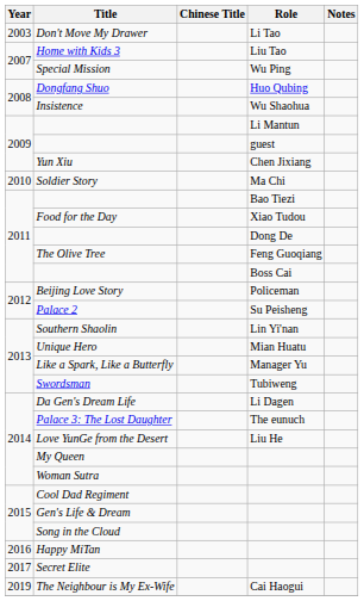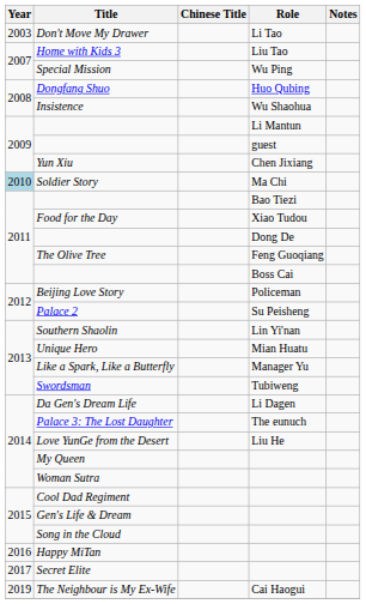 <table class="wikitable">
 <tr>
 <th>Year</th>
 <th>Title</th>
 <th>Chinese Title</th>
 <th>Role</th>
 <th>Notes</th>
 </tr>
 <tr>
 <td>2003</td>
 <td><em>Don't Move My Drawer</em></td>
 <td></td>
 <td>Li Tao</td>
 <td></td>
 </tr>
 <tr>
 <td rowspan="2">2007</td>
 <td><em><a href='#'>Home with Kids 3</a></em></td>
 <td></td>
 <td>Liu Tao</td>
 <td></td>
 </tr>
 <tr>
 <td><em>Special Mission</em></td>
 <td></td>
 <td>Wu Ping</td>
 <td></td>
 </tr>
 <tr>
 <td rowspan="2">2008</td>
 <td><em><a href='#'>Dongfang Shuo</a></em></td>
 <td></td>
 <td><a href='#'>Huo Qubing</a></td>
 <td></td>
 </tr>
 <tr>
 <td><em>Insistence</em></td>
 <td></td>
 <td>Wu Shaohua</td>
 <td></td>
 </tr>
 <tr>
 <td rowspan="3">2009</td>
 <td></td>
 <td></td>
 <td>Li Mantun</td>
 <td></td>
 </tr>
 <tr>
 <td></td>
 <td></td>
 <td>guest</td>
 <td></td>
 </tr>
 <tr>
 <td><em>Yun Xiu</em></td>
 <td></td>
 <td>Chen Jixiang</td>
 <td></td>
 </tr>
 <tr>
-<td>2010</td>
+<td style="background: lightblue;">2010</td>
 <td><em>Soldier Story</em></td>
 <td></td>
 <td>Ma Chi</td>
 <td></td>
 </tr>
 <tr>
 <td rowspan="5">2011</td>
 <td></td>
 <td></td>
 <td>Bao Tiezi</td>
 <td></td>
 </tr>
 <tr>
 <td><em>Food for the Day</em></td>
 <td></td>
 <td>Xiao Tudou</td>
 <td></td>
 </tr>
 <tr>
 <td></td>
 <td></td>
 <td>Dong De</td>
 <td></td>
 </tr>
 <tr>
 <td><em>The Olive Tree</em></td>
 <td></td>
 <td>Feng Guoqiang</td>
 <td></td>
 </tr>
 <tr>
 <td></td>
 <td></td>
 <td>Boss Cai</td>
 <td></td>
 </tr>
 <tr>
 <td rowspan="2">2012</td>
 <td><em>Beijing Love Story</em></td>
 <td></td>
 <td>Policeman</td>
 <td></td>
 </tr>
 <tr>
 <td><em><a href='#'>Palace 2</a></em></td>
 <td></td>
 <td>Su Peisheng</td>
 <td></td>
 </tr>
 <tr>
 <td rowspan="4">2013</td>
 <td><em>Southern Shaolin</em></td>
 <td></td>
 <td>Lin Yi'nan</td>
 <td></td>
 </tr>
 <tr>
 <td><em>Unique Hero</em></td>
 <td></td>
 <td>Mian Huatu</td>
 <td></td>
 </tr>
 <tr>
 <td><em>Like a Spark, Like a Butterfly</em></td>
 <td></td>
 <td>Manager Yu</td>
 <td></td>
 </tr>
 <tr>
 <td><em><a href='#'>Swordsman</a></em></td>
 <td></td>
 <td>Tubiweng</td>
 <td></td>
 </tr>
 <tr>
 <td rowspan="5">2014</td>
 <td><em>Da Gen's Dream Life</em></td>
 <td></td>
 <td>Li Dagen</td>
 <td></td>
 </tr>
 <tr>
 <td><em><a href='#'>Palace 3: The Lost Daughter</a></em></td>
 <td></td>
 <td>The eunuch</td>
 <td></td>
 </tr>
 <tr>
 <td><em>Love YunGe from the Desert</em></td>
 <td></td>
 <td>Liu He</td>
 <td></td>
 </tr>
 <tr>
 <td><em>My Queen</em></td>
 <td></td>
 <td></td>
 <td></td>
 </tr>
 <tr>
 <td><em>Woman Sutra</em></td>
 <td></td>
 <td></td>
 <td></td>
 </tr>
 <tr>
 <td rowspan="3">2015</td>
 <td><em>Cool Dad Regiment </em></td>
 <td></td>
 <td></td>
 <td></td>
 </tr>
 <tr>
 <td><em>Gen's Life & Dream</em></td>
 <td></td>
 <td></td>
 <td></td>
 </tr>
 <tr>
 <td><em>Song in the Cloud</em></td>
 <td></td>
 <td></td>
 <td></td>
 </tr>
 <tr>
 <td>2016</td>
 <td><em>Happy MiTan</em></td>
 <td></td>
 <td></td>
 <td></td>
 </tr>
 <tr>
 <td>2017</td>
 <td><em>Secret Elite</em></td>
 <td></td>
 <td></td>
 <td></td>
 </tr>
 <tr>
 <td>2019</td>
 <td><em>The Neighbour is My Ex-Wife</em></td>
 <td></td>
 <td>Cai Haogui</td>
 <td></td>
 </tr>
 <tr>
 </tr>
 </table>
